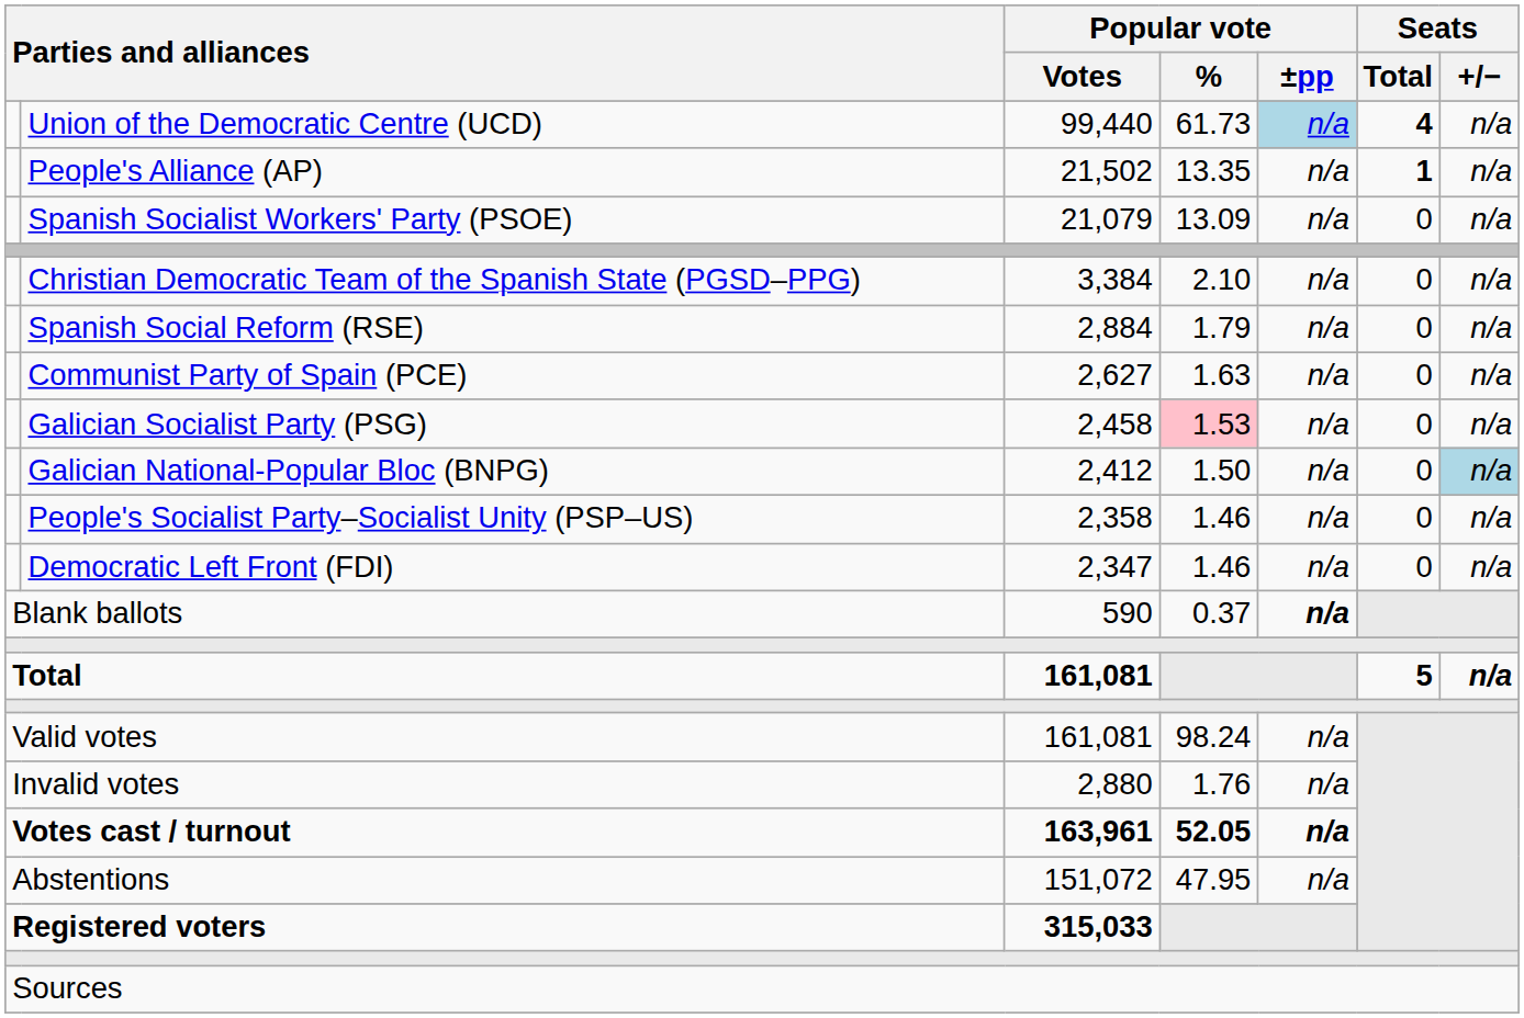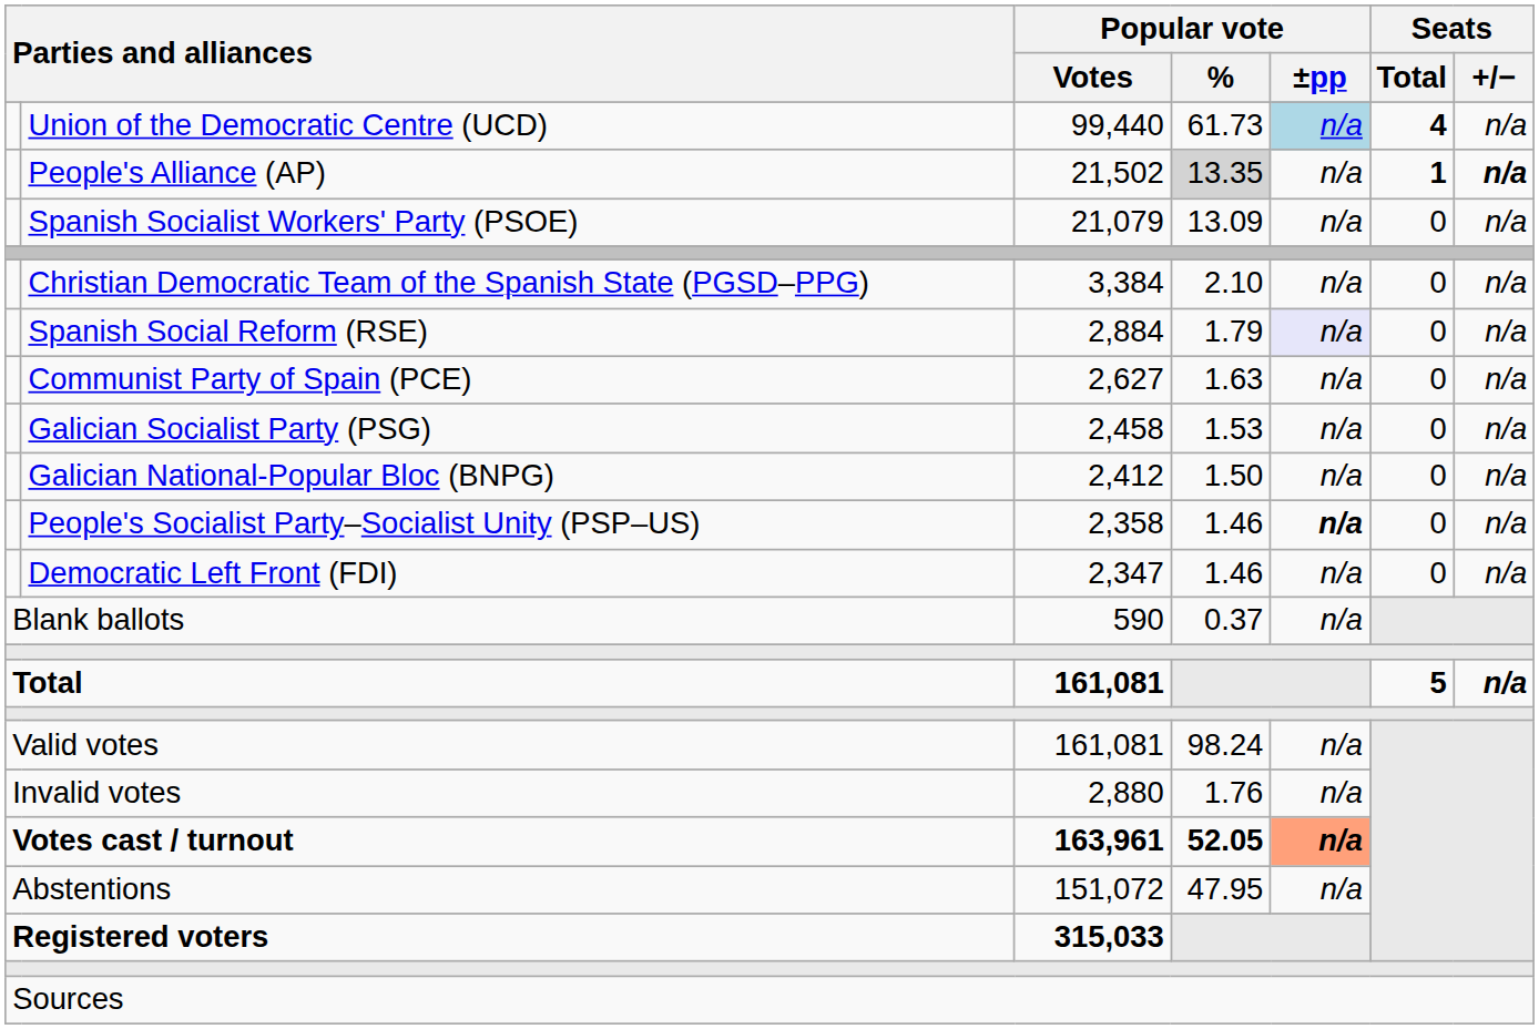 <table class="wikitable" style="text-align:right;">
 <tr>
 <th style="text-align:left;" rowspan="2" colspan="2" width="525">Parties and alliances</th>
 <th colspan="3">Popular vote</th>
 <th colspan="2">Seats</th>
 </tr>
 <tr>
 <th width="75">Votes</th>
 <th width="45">%</th>
 <th width="45">±<a href='#'>pp</a></th>
 <th width="35">Total</th>
 <th width="35">+/−</th>
 </tr>
 <tr>
 <td width="1" style="color:inherit;background:"></td>
 <td align="left"><a href='#'>Union of the Democratic Centre</a> (UCD)</td>
 <td>99,440</td>
 <td>61.73</td>
 <td style="background: lightblue;"><em><a href='#'>n/a</a></em></td>
 <td><strong>4</strong></td>
 <td><em>n/a</em></td>
 </tr>
 <tr>
 <td style="color:inherit;background:"></td>
 <td align="left"><a href='#'>People's Alliance</a> (AP)</td>
 <td>21,502</td>
-<td>13.35</td>
+<td style="background: lightgrey;">13.35</td>
 <td><em>n/a</em></td>
 <td><strong>1</strong></td>
-<td><em>n/a</em></td>
+<td><strong><em>n/a</em></strong></td>
 </tr>
 <tr>
 <td style="color:inherit;background:"></td>
 <td align="left"><a href='#'>Spanish Socialist Workers' Party</a> (PSOE)</td>
 <td>21,079</td>
 <td>13.09</td>
 <td><em>n/a</em></td>
 <td>0</td>
 <td><em>n/a</em></td>
 </tr>
 <tr>
 <td colspan="7" bgcolor="#C0C0C0"></td>
 </tr>
 <tr>
 <td style="color:inherit;background:"></td>
 <td align="left"><a href='#'>Christian Democratic Team of the Spanish State</a> (<a href='#'>PGSD</a>–<a href='#'>PPG</a>)</td>
 <td>3,384</td>
 <td>2.10</td>
 <td><em>n/a</em></td>
 <td>0</td>
 <td><em>n/a</em></td>
 </tr>
 <tr>
 <td style="color:inherit;background:"></td>
 <td align="left"><a href='#'>Spanish Social Reform</a> (RSE)</td>
 <td>2,884</td>
 <td>1.79</td>
-<td><em>n/a</em></td>
+<td style="background: lavender;"><em>n/a</em></td>
 <td>0</td>
 <td><em>n/a</em></td>
 </tr>
 <tr>
 <td style="color:inherit;background:"></td>
 <td align="left"><a href='#'>Communist Party of Spain</a> (PCE)</td>
 <td>2,627</td>
 <td>1.63</td>
 <td><em>n/a</em></td>
 <td>0</td>
 <td><em>n/a</em></td>
 </tr>
 <tr>
 <td style="color:inherit;background:"></td>
 <td align="left"><a href='#'>Galician Socialist Party</a> (PSG)</td>
 <td>2,458</td>
-<td style="background: pink;">1.53</td>
+<td>1.53</td>
 <td><em>n/a</em></td>
 <td>0</td>
 <td><em>n/a</em></td>
 </tr>
 <tr>
 <td style="color:inherit;background:"></td>
 <td align="left"><a href='#'>Galician National-Popular Bloc</a> (BNPG)</td>
 <td>2,412</td>
 <td>1.50</td>
 <td><em>n/a</em></td>
 <td>0</td>
-<td style="background: lightblue;"><em>n/a</em></td>
+<td><em>n/a</em></td>
 </tr>
 <tr>
 <td style="color:inherit;background:"></td>
 <td align="left"><a href='#'>People's Socialist Party</a>–<a href='#'>Socialist Unity</a> (PSP–US)</td>
 <td>2,358</td>
 <td>1.46</td>
-<td><em>n/a</em></td>
+<td><strong><em>n/a</em></strong></td>
 <td>0</td>
 <td><em>n/a</em></td>
 </tr>
 <tr>
 <td style="color:inherit;background:"></td>
 <td align="left"><a href='#'>Democratic Left Front</a> (FDI)</td>
 <td>2,347</td>
 <td>1.46</td>
 <td><em>n/a</em></td>
 <td>0</td>
 <td><em>n/a</em></td>
 </tr>
 <tr>
 <td align="left" colspan="2">Blank ballots</td>
 <td>590</td>
 <td>0.37</td>
-<td><strong><em>n/a</em></strong></td>
+<td><em>n/a</em></td>
 <td bgcolor="#E9E9E9" colspan="2"></td>
 </tr>
 <tr>
 <td colspan="7" bgcolor="#E9E9E9"></td>
 </tr>
 <tr style="font-weight:bold;">
 <td align="left" colspan="2">Total</td>
 <td>161,081</td>
 <td bgcolor="#E9E9E9" colspan="2"></td>
 <td>5</td>
 <td><em>n/a</em></td>
 </tr>
 <tr>
 <td colspan="7" bgcolor="#E9E9E9"></td>
 </tr>
 <tr>
 <td align="left" colspan="2">Valid votes</td>
 <td>161,081</td>
 <td>98.24</td>
 <td><em>n/a</em></td>
 <td bgcolor="#E9E9E9" colspan="2" rowspan="5"></td>
 </tr>
 <tr>
 <td align="left" colspan="2">Invalid votes</td>
 <td>2,880</td>
 <td>1.76</td>
 <td><em>n/a</em></td>
 </tr>
 <tr style="font-weight:bold;">
 <td align="left" colspan="2">Votes cast / turnout</td>
 <td>163,961</td>
 <td>52.05</td>
-<td><em>n/a</em></td>
+<td style="background: lightsalmon;"><em>n/a</em></td>
 </tr>
 <tr>
 <td align="left" colspan="2">Abstentions</td>
 <td>151,072</td>
 <td>47.95</td>
 <td><em>n/a</em></td>
 </tr>
 <tr style="font-weight:bold;">
 <td align="left" colspan="2">Registered voters</td>
 <td>315,033</td>
 <td bgcolor="#E9E9E9" colspan="2"></td>
 </tr>
 <tr>
 <td colspan="7" bgcolor="#E9E9E9"></td>
 </tr>
 <tr>
 <td align="left" colspan="7">Sources</td>
 </tr>
 </table>
